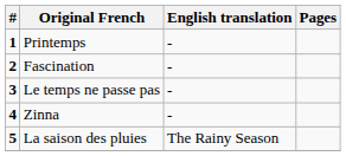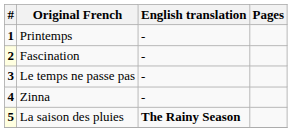 <table class="wikitable">
 <tr>
 <th>#</th>
 <th>Original French</th>
 <th>English translation</th>
 <th>Pages</th>
 </tr>
 <tr>
 <td><strong>1</strong></td>
 <td>Printemps</td>
 <td>-</td>
 <td></td>
 </tr>
 <tr>
-<td><strong>2</strong></td>
+<td style="background: lightyellow;"><strong>2</strong></td>
 <td>Fascination</td>
 <td>-</td>
 <td></td>
 </tr>
 <tr>
 <td><strong>3</strong></td>
 <td>Le temps ne passe pas</td>
 <td>-</td>
 <td></td>
 </tr>
 <tr>
 <td><strong>4</strong></td>
 <td>Zinna</td>
 <td>-</td>
 <td></td>
 </tr>
 <tr>
-<td><strong>5</strong></td>
+<td style="background: lightyellow;"><strong>5</strong></td>
 <td>La saison des pluies</td>
-<td>The Rainy Season</td>
+<td><strong>The Rainy Season</strong></td>
 <td></td>
 </tr>
 <tr>
 </tr>
 </table>
